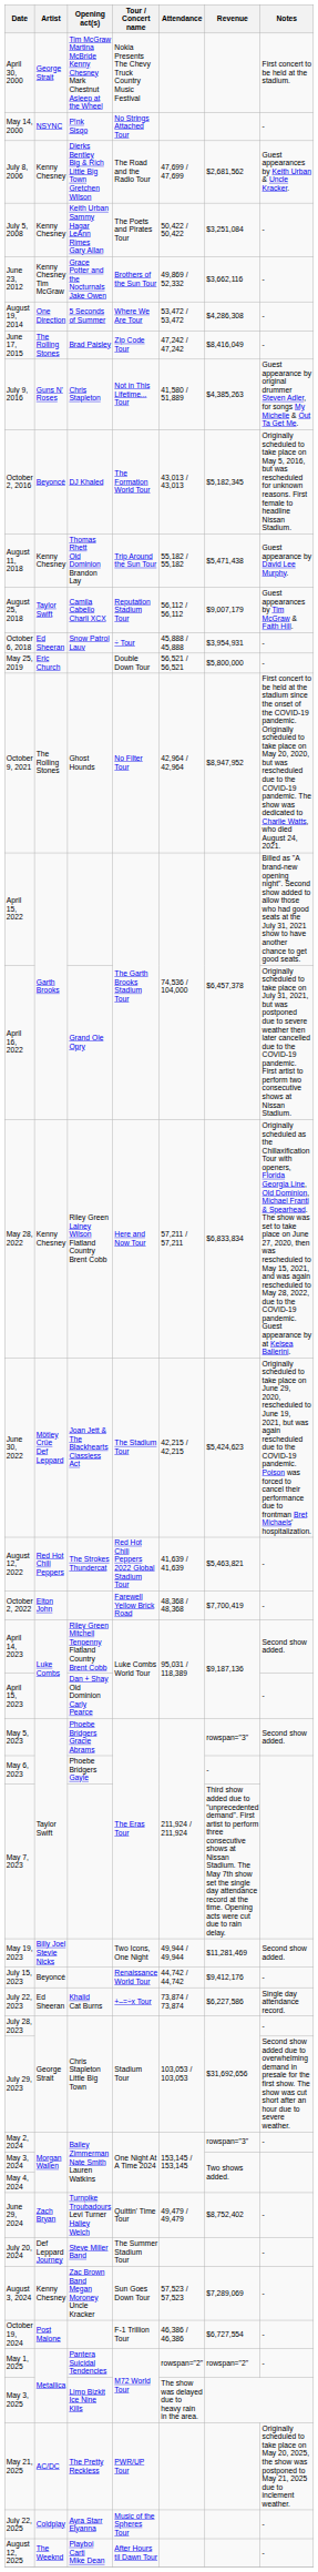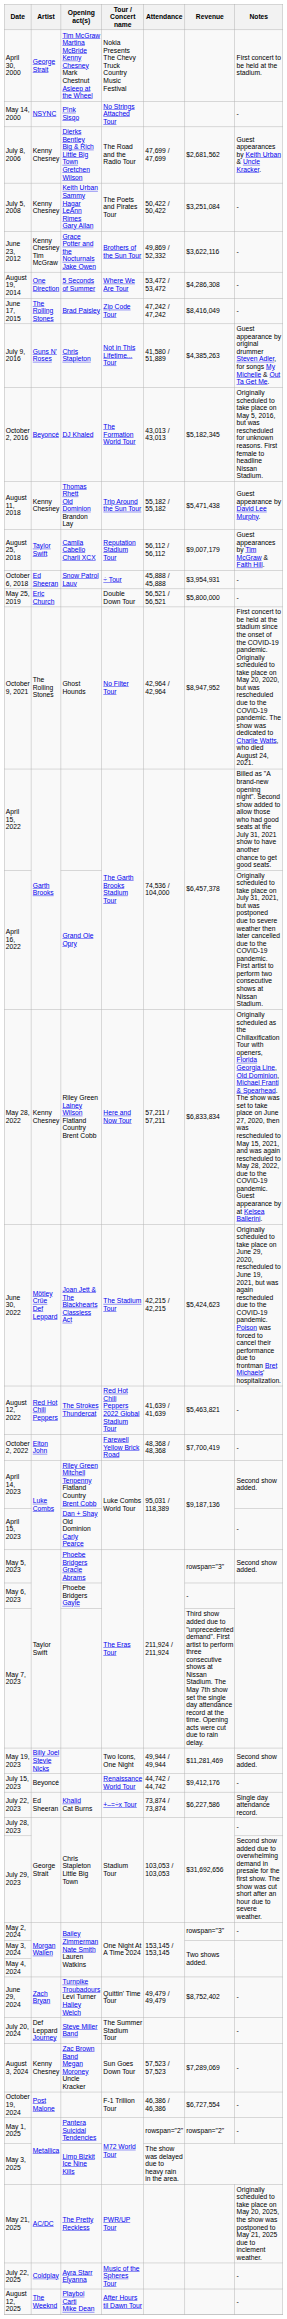 <table class="wikitable" style=font-size:100% style="text-align:center">
 <tr>
 <th width=12% style="text-align:center;">Date</th>
 <th width=10% style="text-align:center;">Artist</th>
 <th width=10% style="text-align:center;">Opening act(s)</th>
 <th width=16% style="text-align:center;">Tour / Concert name</th>
 <th width=10% style="text-align:center;">Attendance</th>
 <th width=10% style="text-align:center;">Revenue</th>
 <th width=20% style="text-align:center;">Notes</th>
 </tr>
 <tr>
 <td>April 30, 2000</td>
 <td><a href='#'>George Strait</a></td>
 <td><a href='#'>Tim McGraw</a><br><a href='#'>Martina McBride</a><br><a href='#'>Kenny Chesney</a><br>Mark Chestnut<br><a href='#'>Asleep at the Wheel</a></td>
 <td>Nokia Presents The Chevy Truck Country Music Festival</td>
 <td></td>
 <td></td>
 <td>First concert to be held at the stadium.</td>
 </tr>
 <tr>
 <td>May 14, 2000</td>
 <td><a href='#'>NSYNC</a></td>
 <td><a href='#'>P!nk</a><br><a href='#'>Sisqo</a></td>
 <td><a href='#'>No Strings Attached Tour</a></td>
 <td></td>
 <td></td>
 <td>-</td>
 </tr>
 <tr>
 <td>July 8, 2006</td>
 <td>Kenny Chesney</td>
 <td><a href='#'>Dierks Bentley</a><br><a href='#'>Big & Rich</a><br><a href='#'>Little Big Town</a><br><a href='#'>Gretchen Wilson</a></td>
 <td>The Road and the Radio Tour</td>
 <td>47,699 / 47,699</td>
 <td>$2,681,562</td>
 <td>Guest appearances by <a href='#'>Keith Urban</a> & <a href='#'>Uncle Kracker</a>.</td>
 </tr>
 <tr>
 <td>July 5, 2008</td>
 <td>Kenny Chesney</td>
 <td><a href='#'>Keith Urban</a><br><a href='#'>Sammy Hagar</a><br><a href='#'>LeAnn Rimes</a><br><a href='#'>Gary Allan</a></td>
 <td>The Poets and Pirates Tour</td>
 <td>50,422 / 50,422</td>
 <td>$3,251,084</td>
 <td>-</td>
 </tr>
 <tr>
 <td>June 23, 2012</td>
 <td>Kenny Chesney<br>Tim McGraw</td>
 <td><a href='#'>Grace Potter and the Nocturnals</a><br><a href='#'>Jake Owen</a></td>
 <td><a href='#'>Brothers of the Sun Tour</a></td>
 <td>49,869 / 52,332</td>
-<td>$3,662,116</td>
+<td>$3,622,116</td>
 <td>-</td>
 </tr>
 <tr>
 <td>August 19, 2014</td>
 <td><a href='#'>One Direction</a></td>
 <td><a href='#'>5 Seconds of Summer</a></td>
 <td><a href='#'>Where We Are Tour</a></td>
 <td>53,472 / 53,472</td>
 <td>$4,286,308</td>
 <td>-</td>
 </tr>
 <tr>
 <td>June 17, 2015</td>
 <td><a href='#'>The Rolling Stones</a></td>
 <td><a href='#'>Brad Paisley</a></td>
 <td><a href='#'>Zip Code Tour</a></td>
 <td>47,242 / 47,242</td>
 <td>$8,416,049</td>
 <td>-</td>
 </tr>
 <tr>
 <td>July 9, 2016</td>
 <td><a href='#'>Guns N' Roses</a></td>
 <td><a href='#'>Chris Stapleton</a></td>
 <td><a href='#'>Not in This Lifetime... Tour</a></td>
 <td>41,580 / 51,889</td>
 <td>$4,385,263</td>
 <td>Guest appearance by original drummer <a href='#'>Steven Adler</a>, for songs <a href='#'>My Michelle</a> & <a href='#'>Out Ta Get Me</a>.</td>
 </tr>
 <tr>
 <td>October 2, 2016</td>
 <td><a href='#'>Beyoncé</a></td>
 <td><a href='#'>DJ Khaled</a></td>
 <td><a href='#'>The Formation World Tour</a></td>
 <td>43,013 / 43,013</td>
 <td>$5,182,345</td>
 <td>Originally scheduled to take place on May 5, 2016, but was rescheduled for unknown reasons. First female to headline Nissan Stadium.</td>
 </tr>
 <tr>
 <td>August 11, 2018</td>
 <td>Kenny Chesney</td>
 <td><a href='#'>Thomas Rhett</a><br><a href='#'>Old Dominion</a><br>Brandon Lay</td>
 <td><a href='#'>Trip Around the Sun Tour</a></td>
 <td>55,182 / 55,182</td>
 <td>$5,471,438</td>
 <td>Guest appearance by <a href='#'>David Lee Murphy</a>.</td>
 </tr>
 <tr>
 <td>August 25, 2018</td>
 <td><a href='#'>Taylor Swift</a></td>
 <td><a href='#'>Camila Cabello</a><br><a href='#'>Charli XCX</a></td>
 <td><a href='#'>Reputation Stadium Tour</a></td>
 <td>56,112 / 56,112</td>
 <td>$9,007,179</td>
 <td>Guest appearances by <a href='#'>Tim McGraw</a> & <a href='#'>Faith Hill</a>.</td>
 </tr>
 <tr>
 <td>October 6, 2018</td>
 <td><a href='#'>Ed Sheeran</a></td>
 <td><a href='#'>Snow Patrol</a><br><a href='#'>Lauv</a></td>
 <td><a href='#'>÷ Tour</a></td>
 <td>45,888 / 45,888</td>
 <td>$3,954,931</td>
 <td>-</td>
 </tr>
 <tr>
 <td>May 25, 2019</td>
 <td><a href='#'>Eric Church</a></td>
 <td></td>
 <td>Double Down Tour</td>
 <td>56,521 / 56,521</td>
 <td>$5,800,000</td>
 <td>-</td>
 </tr>
 <tr>
 <td>October 9, 2021</td>
 <td>The Rolling Stones</td>
 <td>Ghost Hounds</td>
 <td><a href='#'>No Filter Tour</a></td>
 <td>42,964 / 42,964</td>
 <td>$8,947,952</td>
 <td>First concert to be held at the stadium since the onset of the COVID-19 pandemic. Originally scheduled to take place on May 20, 2020, but was rescheduled due to the COVID-19 pandemic. The show was dedicated to <a href='#'>Charlie Watts</a>, who died August 24, 2021.</td>
 </tr>
 <tr>
 <td>April 15, 2022</td>
 <td rowspan="2"><a href='#'>Garth Brooks</a></td>
 <td></td>
 <td rowspan="2"><a href='#'>The Garth Brooks Stadium Tour</a></td>
 <td rowspan="2">74,536 / 104,000</td>
 <td rowspan="2">$6,457,378</td>
 <td>Billed as "A brand-new opening night". Second show added to allow those who had good seats at the July 31, 2021 show to have another chance to get good seats.</td>
 </tr>
 <tr>
 <td>April 16, 2022</td>
 <td><a href='#'>Grand Ole Opry</a></td>
 <td>Originally scheduled to take place on July 31, 2021, but was postponed due to severe weather then later cancelled due to the COVID-19 pandemic. First artist to perform two consecutive shows at Nissan Stadium.</td>
 </tr>
 <tr>
 <td>May 28, 2022</td>
 <td>Kenny Chesney</td>
 <td Riley Green (singer)>Riley Green<br><a href='#'>Lainey Wilson</a><br>Flatland Country<br>Brent Cobb</td>
 <td><a href='#'>Here and Now Tour</a></td>
 <td>57,211 / 57,211</td>
 <td>$6,833,834</td>
 <td>Originally scheduled as the Chillaxification Tour with openers, <a href='#'>Florida Georgia Line</a>, <a href='#'>Old Dominion</a>, <a href='#'>Michael Franti & Spearhead</a>. The show was set to take place on June 27, 2020, then was rescheduled to May 15, 2021, and was again rescheduled to May 28, 2022, due to the COVID-19 pandemic. Guest appearance by at <a href='#'>Kelsea Ballerini</a>.</td>
 </tr>
 <tr>
 <td>June 30, 2022</td>
 <td><a href='#'>Mötley Crüe</a><br><a href='#'>Def Leppard</a></td>
 <td><a href='#'>Joan Jett & The Blackhearts</a><br><a href='#'>Classless Act</a></td>
 <td><a href='#'>The Stadium Tour</a></td>
 <td>42,215 / 42,215</td>
 <td>$5,424,623</td>
 <td>Originally scheduled to take place on June 29, 2020, rescheduled to June 19, 2021, but was again rescheduled due to the COVID-19 pandemic. <a href='#'>Poison</a> was forced to cancel their performance due to frontman <a href='#'>Bret Michaels</a>' hospitalization.</td>
 </tr>
 <tr>
 <td>August 12, 2022</td>
 <td><a href='#'>Red Hot Chili Peppers</a></td>
 <td><a href='#'>The Strokes</a><br><a href='#'>Thundercat</a></td>
 <td><a href='#'>Red Hot Chili Peppers 2022 Global Stadium Tour</a></td>
 <td>41,639 / 41,639</td>
 <td>$5,463,821</td>
 <td>-</td>
 </tr>
 <tr>
 <td>October 2, 2022</td>
 <td><a href='#'>Elton John</a></td>
 <td></td>
 <td><a href='#'>Farewell Yellow Brick Road</a></td>
 <td>48,368 / 48,368</td>
 <td>$7,700,419</td>
 <td>-</td>
 </tr>
 <tr>
 <td>April 14, 2023</td>
 <td rowspan="2"><a href='#'>Luke Combs</a></td>
 <td><a href='#'>Riley Green</a><br><a href='#'>Mitchell Tenpenny</a><br>Flatland Country<br><a href='#'>Brent Cobb</a></td>
 <td rowspan="2">Luke Combs World Tour</td>
 <td rowspan="2">95,031 / 118,389</td>
 <td rowspan="2">$9,187,136</td>
 <td>Second show added.</td>
 </tr>
 <tr>
 <td>April 15, 2023</td>
 <td><a href='#'>Dan + Shay</a><br>Old Dominion<br><a href='#'>Carly Pearce</a></td>
 <td>-</td>
 </tr>
 <tr>
 <td>May 5, 2023</td>
 <td rowspan="3">Taylor Swift</td>
 <td><a href='#'>Phoebe Bridgers</a><br><a href='#'>Gracie Abrams</a></td>
 <td rowspan="3"><a href='#'>The Eras Tour</a></td>
 <td rowspan="3">211,924 / 211,924</td>
 <td>rowspan="3" </td>
 <td>Second show added.</td>
 </tr>
 <tr>
 <td>May 6, 2023</td>
 <td>Phoebe Bridgers<br><a href='#'>Gayle</a></td>
 <td>-</td>
 </tr>
 <tr>
 <td>May 7, 2023</td>
 <td></td>
 <td>Third show added due to "unprecedented demand". First artist to perform three consecutive shows at Nissan Stadium. The May 7th show set the single day attendance record at the time. Opening acts were cut due to rain delay.</td>
 </tr>
 <tr>
 <td>May 19, 2023</td>
 <td><a href='#'>Billy Joel</a><br><a href='#'>Stevie Nicks</a></td>
 <td></td>
 <td>Two Icons, One Night</td>
 <td>49,944 / 49,944</td>
 <td>$11,281,469</td>
 <td>Second show added.</td>
 </tr>
 <tr>
 <td>July 15, 2023</td>
 <td>Beyoncé</td>
 <td></td>
 <td><a href='#'>Renaissance World Tour</a></td>
 <td>44,742 / 44,742</td>
 <td>$9,412,176</td>
 <td>-</td>
 </tr>
 <tr>
 <td>July 22, 2023</td>
 <td>Ed Sheeran</td>
 <td><a href='#'>Khalid</a><br>Cat Burns</td>
 <td><a href='#'>+–=÷x Tour</a></td>
 <td>73,874 / 73,874</td>
 <td>$6,227,586</td>
 <td>Single day attendance record.</td>
 </tr>
 <tr>
 <td>July 28, 2023</td>
 <td rowspan="2">George Strait</td>
 <td rowspan="2">Chris Stapleton<br>Little Big Town</td>
 <td rowspan="2">Stadium Tour</td>
 <td rowspan="2">103,053 / 103,053</td>
 <td rowspan="2">$31,692,656</td>
 <td>-</td>
 </tr>
 <tr>
 <td>July 29, 2023</td>
 <td>Second show added due to overwhelming demand in presale for the first show. The show was cut short after an hour due to severe weather.</td>
 </tr>
 <tr>
 <td>May 2, 2024</td>
 <td rowspan="3"><a href='#'>Morgan Wallen</a></td>
 <td rowspan="3"><a href='#'>Bailey Zimmerman</a><br><a href='#'>Nate Smith</a><br>Lauren Watkins</td>
 <td rowspan="3">One Night At A Time 2024</td>
 <td rowspan="3">153,145 / 153,145</td>
 <td>rowspan="3" </td>
 <td>-</td>
 </tr>
 <tr>
 <td>May 3, 2024</td>
 <td rowspan="2">Two shows added.</td>
 </tr>
 <tr>
 <td>May 4, 2024</td>
 </tr>
 <tr>
 <td>June 29, 2024</td>
 <td><a href='#'>Zach Bryan</a></td>
 <td><a href='#'>Turnpike Troubadours</a><br>Levi Turner<br><a href='#'>Haliey Welch</a></td>
 <td>Quittin' Time Tour</td>
 <td>49,479 / 49,479</td>
 <td>$8,752,402</td>
 <td>-</td>
 </tr>
 <tr>
 <td>July 20, 2024</td>
 <td>Def Leppard<br><a href='#'>Journey</a></td>
 <td><a href='#'>Steve Miller Band</a></td>
 <td>The Summer Stadium Tour</td>
 <td></td>
 <td></td>
 <td>-</td>
 </tr>
 <tr>
 <td>August 3, 2024</td>
 <td>Kenny Chesney</td>
 <td><a href='#'>Zac Brown Band</a><br><a href='#'>Megan Moroney</a><br>Uncle Kracker</td>
 <td>Sun Goes Down Tour</td>
 <td>57,523 / 57,523</td>
 <td>$7,289,069</td>
 <td>-</td>
 </tr>
 <tr>
 <td>October 19, 2024</td>
 <td><a href='#'>Post Malone</a></td>
 <td></td>
 <td>F-1 Trillion Tour</td>
 <td>46,386 / 46,386</td>
 <td>$6,727,554</td>
 <td>-</td>
 </tr>
 <tr>
 <td>May 1, 2025</td>
 <td rowspan="2"><a href='#'>Metallica</a></td>
 <td><a href='#'>Pantera</a><br><a href='#'>Suicidal Tendencies</a></td>
 <td rowspan="2"><a href='#'>M72 World Tour</a></td>
 <td>rowspan="2" </td>
 <td>rowspan="2" </td>
 <td>-</td>
 </tr>
 <tr>
 <td>May 3, 2025</td>
 <td><a href='#'>Limp Bizkit</a><br><a href='#'>Ice Nine Kills</a></td>
 <td>The show was delayed due to heavy rain in the area.</td>
 </tr>
 <tr>
 <td>May 21, 2025</td>
 <td><a href='#'>AC/DC</a></td>
 <td><a href='#'>The Pretty Reckless</a></td>
 <td><a href='#'>PWR/UP Tour</a></td>
 <td></td>
 <td></td>
 <td>Originally scheduled to take place on May 20, 2025, the show was postponed to May 21, 2025 due to inclement weather.</td>
 </tr>
 <tr>
 <td>July 22, 2025</td>
 <td><a href='#'>Coldplay</a></td>
 <td><a href='#'>Ayra Starr</a><br><a href='#'>Elyanna</a></td>
 <td><a href='#'>Music of the Spheres Tour</a></td>
 <td></td>
 <td></td>
 <td>-</td>
 </tr>
 <tr>
 <td>August 12, 2025</td>
 <td><a href='#'>The Weeknd</a></td>
 <td><a href='#'>Playboi Carti</a><br><a href='#'>Mike Dean</a></td>
 <td><a href='#'>After Hours til Dawn Tour</a></td>
 <td></td>
 <td></td>
 <td>-</td>
 </tr>
 <tr>
 </tr>
 </table>
